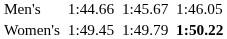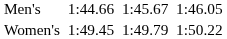 <table>
 <tr>
 <td>Men's<br></td>
 <td></td>
 <td>1:44.66</td>
 <td></td>
 <td>1:45.67</td>
 <td></td>
 <td>1:46.05</td>
 </tr>
 <tr>
 <td>Women's<br></td>
 <td></td>
 <td>1:49.45</td>
 <td></td>
 <td>1:49.79</td>
 <td></td>
-<td><strong>1:50.22</strong></td>
+<td>1:50.22</td>
 </tr>
 </table>
